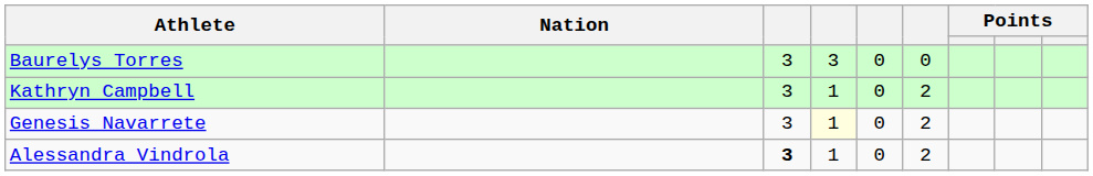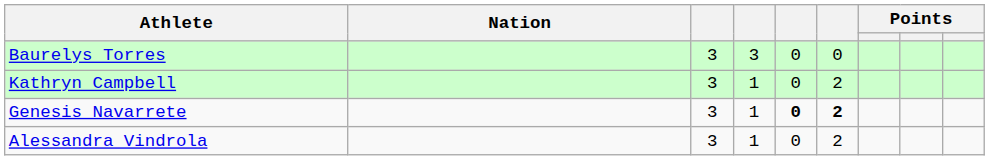 <table class="wikitable" style="text-align: center; font-size:100% ">
 <tr>
 <th rowspan=2 width=250>Athlete</th>
 <th rowspan=2 width=250>Nation</th>
 <th rowspan=2 width=25></th>
 <th rowspan=2 width=25></th>
 <th rowspan=2 width=25></th>
 <th rowspan=2 width=25></th>
 <th colspan=3>Points</th>
 </tr>
 <tr>
 <th width=25></th>
 <th width=25></th>
 <th width=25></th>
 </tr>
 <tr bgcolor="ccffcc">
 <td align=left><a href='#'>Baurelys Torres</a></td>
 <td align=left></td>
 <td>3</td>
 <td>3</td>
 <td>0</td>
 <td>0</td>
 <td></td>
 <td></td>
 <td></td>
 </tr>
 <tr bgcolor="ccffcc">
 <td align=left><a href='#'>Kathryn Campbell</a></td>
 <td align=left></td>
 <td>3</td>
 <td>1</td>
 <td>0</td>
 <td>2</td>
 <td></td>
 <td></td>
 <td></td>
 </tr>
 <tr>
 <td align=left><a href='#'>Genesis Navarrete</a></td>
 <td align=left></td>
 <td>3</td>
-<td style="background: lightyellow;">1</td>
-<td>0</td>
-<td>2</td>
+<td>1</td>
+<td><strong>0</strong></td>
+<td><strong>2</strong></td>
 <td></td>
 <td></td>
 <td></td>
 </tr>
 <tr>
 <td align=left><a href='#'>Alessandra Vindrola</a></td>
 <td align=left></td>
-<td><strong>3</strong></td>
+<td>3</td>
 <td>1</td>
 <td>0</td>
 <td>2</td>
 <td></td>
 <td></td>
 <td></td>
 </tr>
 </table>
